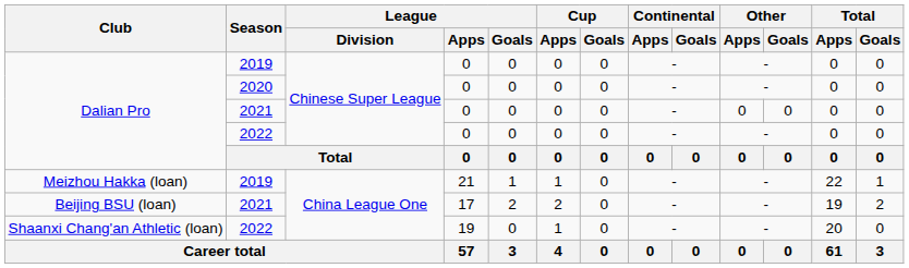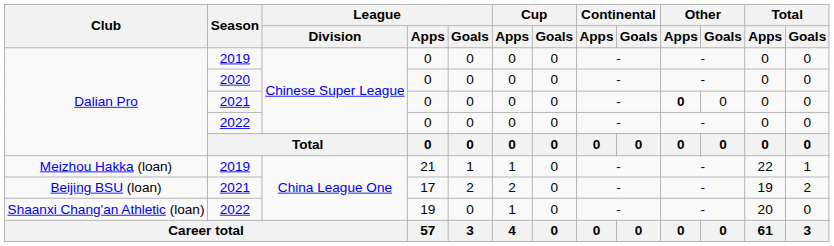 <table class="wikitable" style="text-align: center">
 <tr>
 <th rowspan="2">Club</th>
 <th rowspan="2">Season</th>
 <th colspan="3">League</th>
 <th colspan="2">Cup</th>
 <th colspan="2">Continental</th>
 <th colspan="2">Other</th>
 <th colspan="2">Total</th>
 </tr>
 <tr>
 <th>Division</th>
 <th>Apps</th>
 <th>Goals</th>
 <th>Apps</th>
 <th>Goals</th>
 <th>Apps</th>
 <th>Goals</th>
 <th>Apps</th>
 <th>Goals</th>
 <th>Apps</th>
 <th>Goals</th>
 </tr>
 <tr>
 <td rowspan="5"><a href='#'>Dalian Pro</a></td>
 <td><a href='#'>2019</a></td>
 <td rowspan="4"><a href='#'>Chinese Super League</a></td>
 <td>0</td>
 <td>0</td>
 <td>0</td>
 <td>0</td>
 <td colspan="2">-</td>
 <td colspan="2">-</td>
 <td>0</td>
 <td>0</td>
 </tr>
 <tr>
 <td><a href='#'>2020</a></td>
 <td>0</td>
 <td>0</td>
 <td>0</td>
 <td>0</td>
 <td colspan="2">-</td>
 <td colspan="2">-</td>
 <td>0</td>
 <td>0</td>
 </tr>
 <tr>
 <td><a href='#'>2021</a></td>
 <td>0</td>
 <td>0</td>
 <td>0</td>
 <td>0</td>
 <td colspan="2">-</td>
-<td>0</td>
+<td><strong>0</strong></td>
 <td>0</td>
 <td>0</td>
 <td>0</td>
 </tr>
 <tr>
 <td><a href='#'>2022</a></td>
 <td>0</td>
 <td>0</td>
 <td>0</td>
 <td>0</td>
 <td colspan="2">-</td>
 <td colspan="2">-</td>
 <td>0</td>
 <td>0</td>
 </tr>
 <tr>
 <th colspan=2>Total</th>
 <th>0</th>
 <th>0</th>
 <th>0</th>
 <th>0</th>
 <th>0</th>
 <th>0</th>
 <th>0</th>
 <th>0</th>
 <th>0</th>
 <th>0</th>
 </tr>
 <tr>
 <td><a href='#'>Meizhou Hakka</a> (loan)</td>
 <td><a href='#'>2019</a></td>
 <td rowspan="3"><a href='#'>China League One</a></td>
 <td>21</td>
 <td>1</td>
 <td>1</td>
 <td>0</td>
 <td colspan="2">-</td>
 <td colspan="2">-</td>
 <td>22</td>
 <td>1</td>
 </tr>
 <tr>
 <td><a href='#'>Beijing BSU</a> (loan)</td>
 <td><a href='#'>2021</a></td>
 <td>17</td>
 <td>2</td>
 <td>2</td>
 <td>0</td>
 <td colspan="2">-</td>
 <td colspan="2">-</td>
 <td>19</td>
 <td>2</td>
 </tr>
 <tr>
 <td><a href='#'>Shaanxi Chang'an Athletic</a> (loan)</td>
 <td><a href='#'>2022</a></td>
 <td>19</td>
 <td>0</td>
 <td>1</td>
 <td>0</td>
 <td colspan="2">-</td>
 <td colspan="2">-</td>
 <td>20</td>
 <td>0</td>
 </tr>
 <tr>
 <th colspan=3>Career total</th>
 <th>57</th>
 <th>3</th>
 <th>4</th>
 <th>0</th>
 <th>0</th>
 <th>0</th>
 <th>0</th>
 <th>0</th>
 <th>61</th>
 <th>3</th>
 </tr>
 </table>
